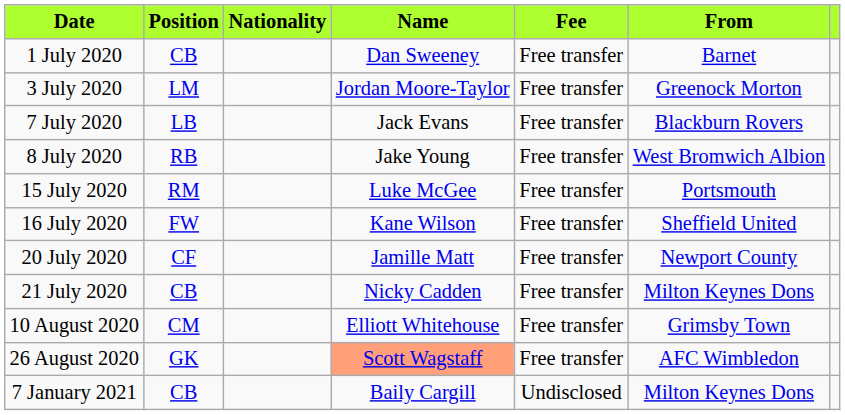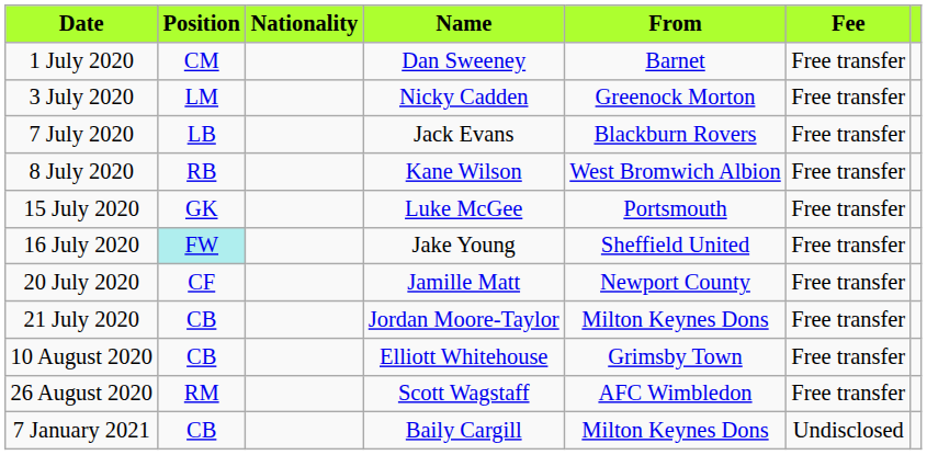 <table class="wikitable"  style="text-align:center; font-size:90%; ">
 <tr>
 <th style="background:#ADFF2F;color:black;">Date</th>
 <th style="background:#ADFF2F;color:black;">Position</th>
 <th style="background:#ADFF2F;color:black;">Nationality</th>
 <th style="background:#ADFF2F;color:black;">Name</th>
+<th style="background:#ADFF2F;color:black;">From</th>
 <th style="background:#ADFF2F;color:black;">Fee</th>
-<th style="background:#ADFF2F;color:black;">From</th>
 <th style="background:#ADFF2F;color:black;"></th>
 </tr>
 <tr>
 <td>1 July 2020</td>
-<td><a href='#'>CB</a></td>
+<td><a href='#'>CM</a></td>
 <td></td>
 <td><a href='#'>Dan Sweeney</a></td>
+<td> <a href='#'>Barnet</a></td>
 <td>Free transfer</td>
-<td> <a href='#'>Barnet</a></td>
 <td></td>
 </tr>
 <tr>
 <td>3 July 2020</td>
 <td><a href='#'>LM</a></td>
 <td></td>
-<td><a href='#'>Jordan Moore-Taylor</a></td>
+<td><a href='#'>Nicky Cadden</a></td>
+<td> <a href='#'>Greenock Morton</a></td>
 <td>Free transfer</td>
-<td> <a href='#'>Greenock Morton</a></td>
 <td></td>
 </tr>
 <tr>
 <td>7 July 2020</td>
 <td><a href='#'>LB</a></td>
 <td></td>
 <td>Jack Evans</td>
+<td> <a href='#'>Blackburn Rovers</a></td>
 <td>Free transfer</td>
-<td> <a href='#'>Blackburn Rovers</a></td>
 <td></td>
 </tr>
 <tr>
 <td>8 July 2020</td>
 <td><a href='#'>RB</a></td>
 <td></td>
-<td>Jake Young</td>
+<td><a href='#'>Kane Wilson</a></td>
+<td> <a href='#'>West Bromwich Albion</a></td>
 <td>Free transfer</td>
-<td> <a href='#'>West Bromwich Albion</a></td>
 <td></td>
 </tr>
 <tr>
 <td>15 July 2020</td>
-<td><a href='#'>RM</a></td>
+<td><a href='#'>GK</a></td>
 <td></td>
 <td><a href='#'>Luke McGee</a></td>
+<td> <a href='#'>Portsmouth</a></td>
 <td>Free transfer</td>
-<td> <a href='#'>Portsmouth</a></td>
 <td></td>
 </tr>
 <tr>
 <td>16 July 2020</td>
-<td><a href='#'>FW</a></td>
+<td style="background: paleturquoise;"><a href='#'>FW</a></td>
 <td></td>
-<td><a href='#'>Kane Wilson</a></td>
+<td>Jake Young</td>
+<td> <a href='#'>Sheffield United</a></td>
 <td>Free transfer</td>
-<td> <a href='#'>Sheffield United</a></td>
 <td></td>
 </tr>
 <tr>
 <td>20 July 2020</td>
 <td><a href='#'>CF</a></td>
 <td></td>
 <td><a href='#'>Jamille Matt</a></td>
+<td> <a href='#'>Newport County</a></td>
 <td>Free transfer</td>
-<td> <a href='#'>Newport County</a></td>
 <td></td>
 </tr>
 <tr>
 <td>21 July 2020</td>
 <td><a href='#'>CB</a></td>
 <td></td>
-<td><a href='#'>Nicky Cadden</a></td>
+<td><a href='#'>Jordan Moore-Taylor</a></td>
+<td> <a href='#'>Milton Keynes Dons</a></td>
 <td>Free transfer</td>
-<td> <a href='#'>Milton Keynes Dons</a></td>
 <td></td>
 </tr>
 <tr>
 <td>10 August 2020</td>
-<td><a href='#'>CM</a></td>
+<td><a href='#'>CB</a></td>
 <td></td>
 <td><a href='#'>Elliott Whitehouse</a></td>
+<td> <a href='#'>Grimsby Town</a></td>
 <td>Free transfer</td>
-<td> <a href='#'>Grimsby Town</a></td>
 <td></td>
 </tr>
 <tr>
 <td>26 August 2020</td>
-<td><a href='#'>GK</a></td>
+<td><a href='#'>RM</a></td>
 <td></td>
-<td style="background: lightsalmon;"><a href='#'>Scott Wagstaff</a></td>
+<td><a href='#'>Scott Wagstaff</a></td>
+<td> <a href='#'>AFC Wimbledon</a></td>
 <td>Free transfer</td>
-<td> <a href='#'>AFC Wimbledon</a></td>
 <td></td>
 </tr>
 <tr>
 <td>7 January 2021</td>
 <td><a href='#'>CB</a></td>
 <td></td>
 <td><a href='#'>Baily Cargill</a></td>
+<td> <a href='#'>Milton Keynes Dons</a></td>
 <td>Undisclosed</td>
-<td> <a href='#'>Milton Keynes Dons</a></td>
 <td></td>
 </tr>
 </table>
